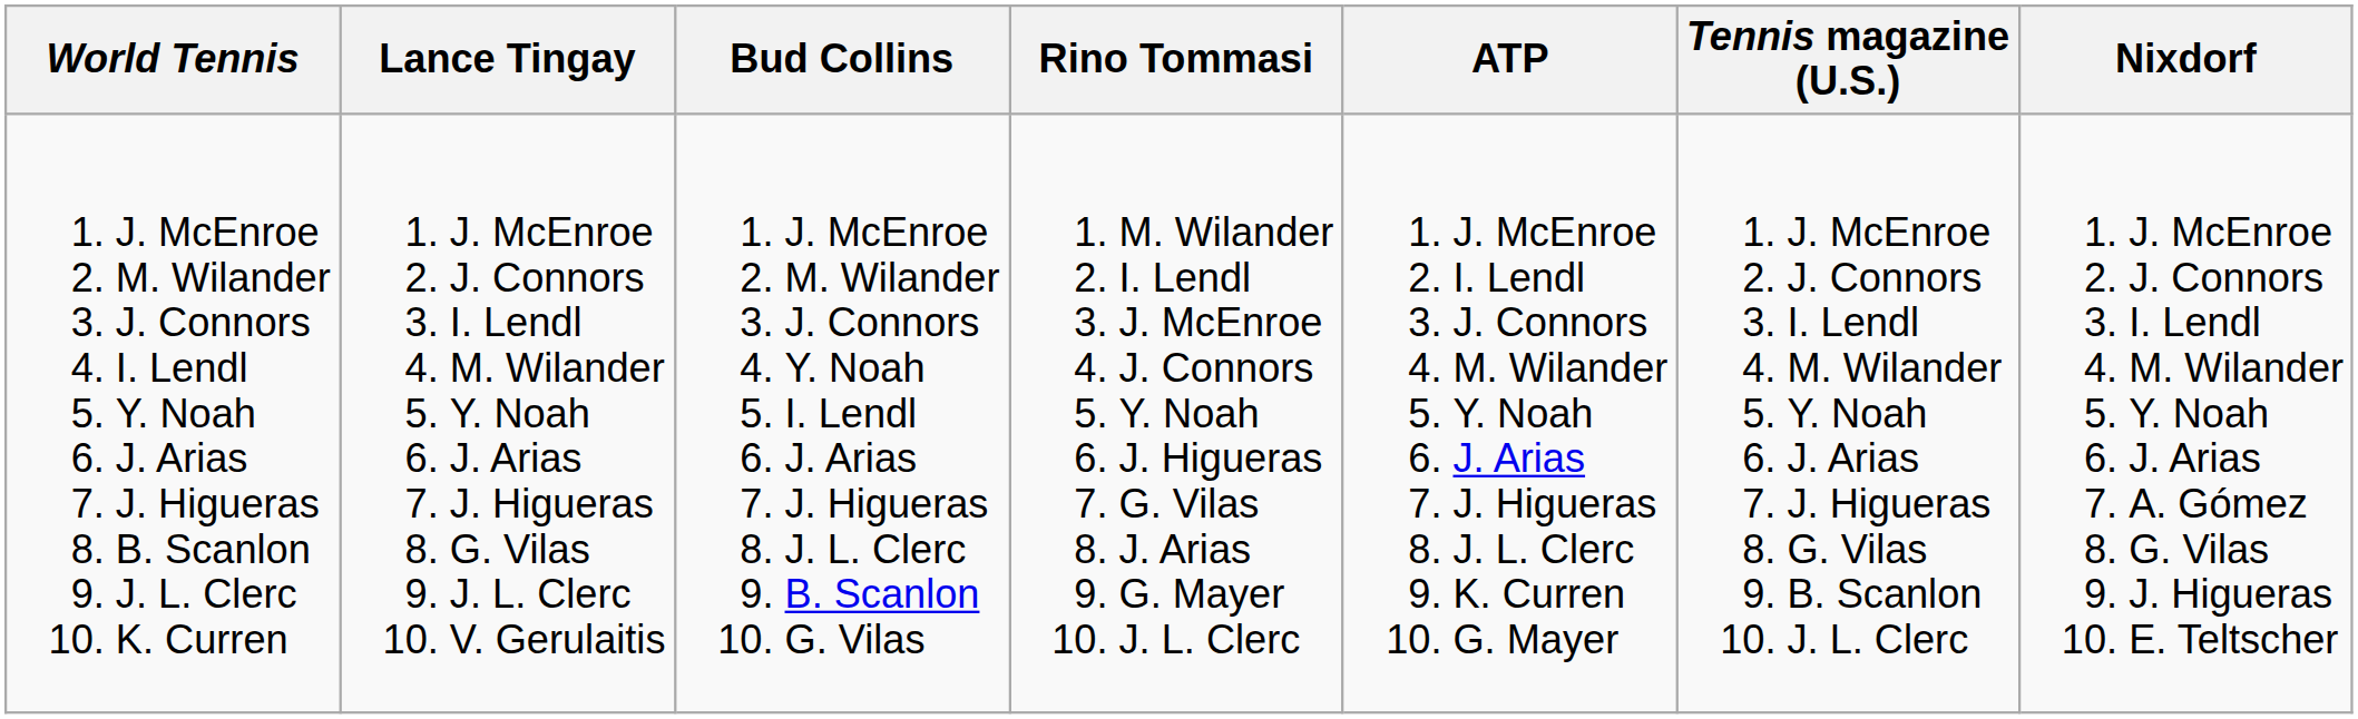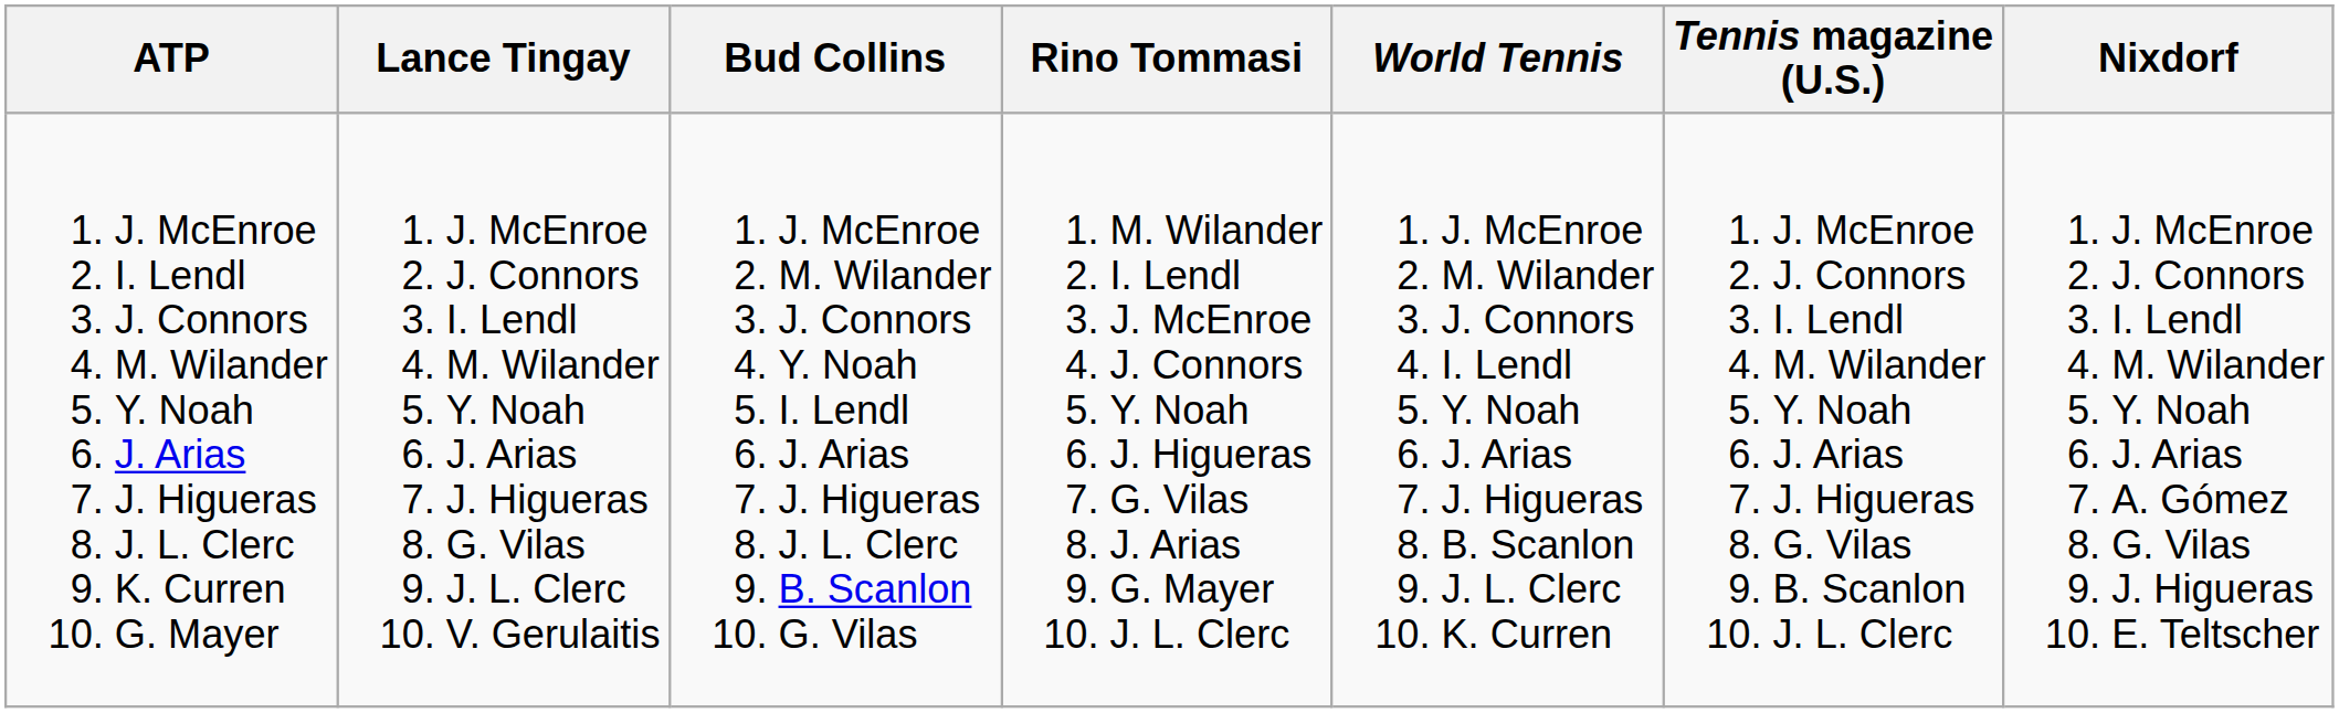 <table class="wikitable">
 <tr>
-<th><em>World Tennis</em></th>
+<th>ATP</th>
 <th>Lance Tingay</th>
 <th>Bud Collins</th>
 <th>Rino Tommasi</th>
-<th>ATP</th>
+<th><em>World Tennis</em></th>
 <th><em>Tennis</em> magazine<br>(U.S.)</th>
 <th>Nixdorf</th>
 </tr>
 <tr style="vertical-align: top;">
-<td style="white-space: nowrap;"><br><ol><li> J. McEnroe</li><li> M. Wilander</li><li> J. Connors</li><li> I. Lendl</li><li> Y. Noah</li><li> J. Arias</li><li> J. Higueras</li><li> B. Scanlon</li><li> J. L. Clerc</li><li> K. Curren</li></ol></td>
+<td style="white-space: nowrap;"><br><ol><li> J. McEnroe</li><li> I. Lendl</li><li> J. Connors</li><li> M. Wilander</li><li> Y. Noah</li><li> <a href='#'>J. Arias</a></li><li> J. Higueras</li><li> J. L. Clerc</li><li> K. Curren</li><li> G. Mayer</li></ol></td>
 <td style="white-space: nowrap;"><br><ol><li> J. McEnroe</li><li> J. Connors</li><li> I. Lendl</li><li> M. Wilander</li><li> Y. Noah</li><li> J. Arias</li><li> J. Higueras</li><li> G. Vilas</li><li> J. L. Clerc</li><li> V. Gerulaitis</li></ol></td>
 <td style="white-space: nowrap;"><br><ol><li> J. McEnroe</li><li> M. Wilander</li><li> J. Connors</li><li> Y. Noah</li><li> I. Lendl</li><li> J. Arias</li><li> J. Higueras</li><li> J. L. Clerc</li><li> <a href='#'>B. Scanlon</a></li><li> G. Vilas</li></ol></td>
 <td style="white-space: nowrap;"><br><ol><li> M. Wilander</li><li> I. Lendl</li><li> J. McEnroe</li><li> J. Connors</li><li> Y. Noah</li><li> J. Higueras</li><li> G. Vilas</li><li> J. Arias</li><li> G. Mayer</li><li> J. L. Clerc</li></ol></td>
-<td style="white-space: nowrap;"><br><ol><li> J. McEnroe</li><li> I. Lendl</li><li> J. Connors</li><li> M. Wilander</li><li> Y. Noah</li><li> <a href='#'>J. Arias</a></li><li> J. Higueras</li><li> J. L. Clerc</li><li> K. Curren</li><li> G. Mayer</li></ol></td>
+<td style="white-space: nowrap;"><br><ol><li> J. McEnroe</li><li> M. Wilander</li><li> J. Connors</li><li> I. Lendl</li><li> Y. Noah</li><li> J. Arias</li><li> J. Higueras</li><li> B. Scanlon</li><li> J. L. Clerc</li><li> K. Curren</li></ol></td>
 <td style="white-space: nowrap;"><br><ol><li> J. McEnroe</li><li> J. Connors</li><li> I. Lendl</li><li> M. Wilander</li><li> Y. Noah</li><li> J. Arias</li><li> J. Higueras</li><li> G. Vilas</li><li> B. Scanlon</li><li> J. L. Clerc</li></ol></td>
 <td style="white-space: nowrap;"><br><ol><li> J. McEnroe</li><li> J. Connors</li><li> I. Lendl</li><li> M. Wilander</li><li> Y. Noah</li><li> J. Arias</li><li> A. Gómez</li><li> G. Vilas</li><li> J. Higueras</li><li> E. Teltscher</li></ol></td>
 </tr>
 </table>
